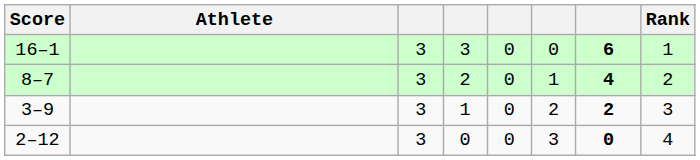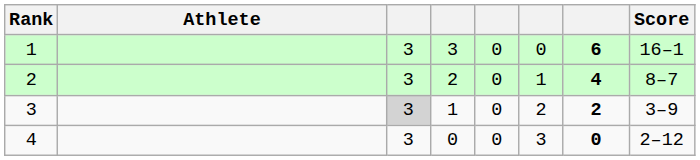 <table class="wikitable" style="text-align: center;">
 <tr>
-<th width=40>Score</th>
+<th width=25>Rank</th>
 <th width=225>Athlete</th>
 <th width=25></th>
 <th width=25></th>
 <th width=25></th>
 <th width=25></th>
 <th width=40></th>
-<th width=25>Rank</th>
+<th width=40>Score</th>
 </tr>
 <tr bgcolor=ccffcc>
-<td>16–1</td>
+<td>1</td>
 <td align=left></td>
 <td>3</td>
 <td>3</td>
 <td>0</td>
 <td>0</td>
 <td><strong>6</strong></td>
-<td>1</td>
+<td>16–1</td>
 </tr>
 <tr bgcolor=ccffcc>
-<td>8–7</td>
+<td>2</td>
 <td align=left></td>
 <td>3</td>
 <td>2</td>
 <td>0</td>
 <td>1</td>
 <td><strong>4</strong></td>
-<td>2</td>
+<td>8–7</td>
 </tr>
 <tr>
-<td>3–9</td>
+<td>3</td>
 <td align=left></td>
-<td>3</td>
+<td style="background: lightgrey;">3</td>
 <td>1</td>
 <td>0</td>
 <td>2</td>
 <td><strong>2</strong></td>
-<td>3</td>
+<td>3–9</td>
 </tr>
 <tr>
-<td>2–12</td>
+<td>4</td>
 <td align=left></td>
 <td>3</td>
 <td>0</td>
 <td>0</td>
 <td>3</td>
 <td><strong>0</strong></td>
-<td>4</td>
+<td>2–12</td>
 </tr>
 </table>
